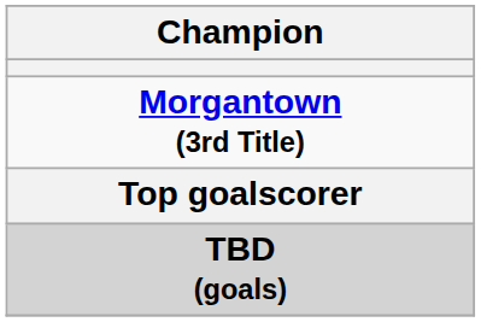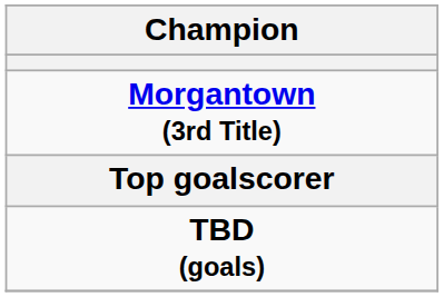 <table class="wikitable" style="margin: 0 auto; width: 220px;">
 <tr>
 <th>Champion</th>
 </tr>
 <tr>
 <th></th>
 </tr>
 <tr>
 <td align="center"><strong> <a href='#'>Morgantown</a> </strong><br><small><strong>(3rd Title)</strong></small></td>
 </tr>
 <tr>
 <th>Top goalscorer</th>
 </tr>
 <tr>
-<td align="center" style="background: lightgrey;"><strong> TBD </strong><br><small><strong>(goals)</strong></small></td>
+<td align="center"><strong> TBD </strong><br><small><strong>(goals)</strong></small></td>
 </tr>
 <tr>
 </tr>
 </table>
